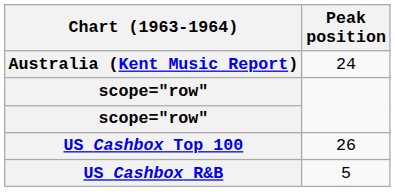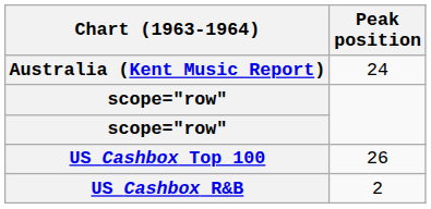 <table class="wikitable sortable plainrowheaders">
 <tr>
 <th scope="col">Chart (1963-1964)</th>
 <th scope="col">Peak<br>position</th>
 </tr>
 <tr>
 <th scope="row">Australia (<a href='#'>Kent Music Report</a>)</th>
 <td align="center">24</td>
 </tr>
 <tr>
 <th>scope="row" </th>
 </tr>
 <tr>
 <th>scope="row" </th>
 </tr>
 <tr>
 <th scope="row"><a href='#'>US <em>Cashbox</em> Top 100</a></th>
 <td style="text-align:center;">26</td>
 </tr>
 <tr>
 <th scope="row"><a href='#'>US <em>Cashbox</em> R&B</a></th>
-<td style="text-align:center;">5</td>
+<td style="text-align:center;">2</td>
 </tr>
 </table>
